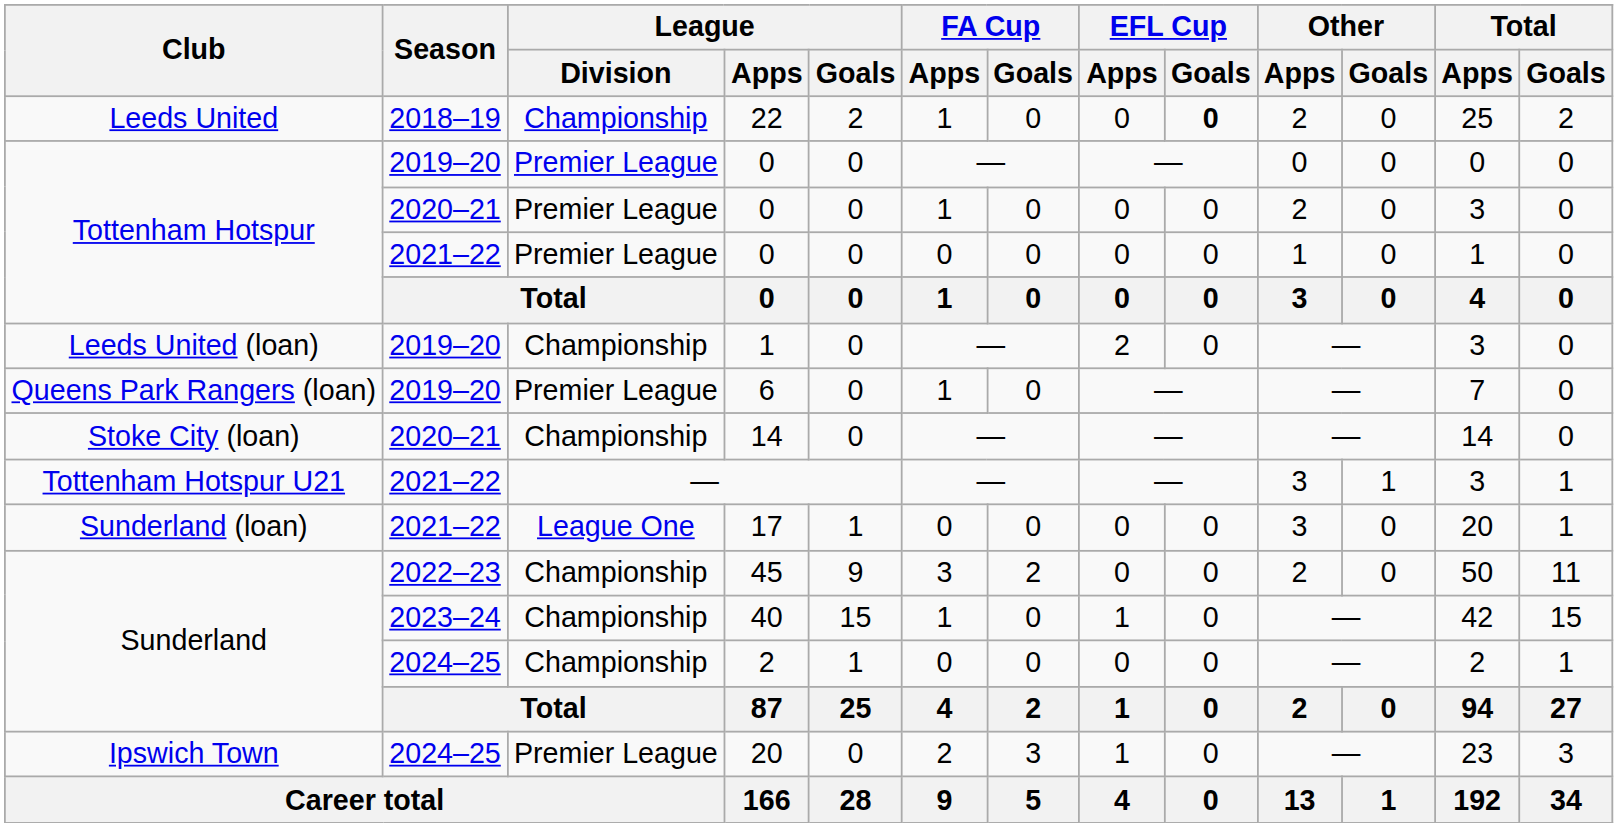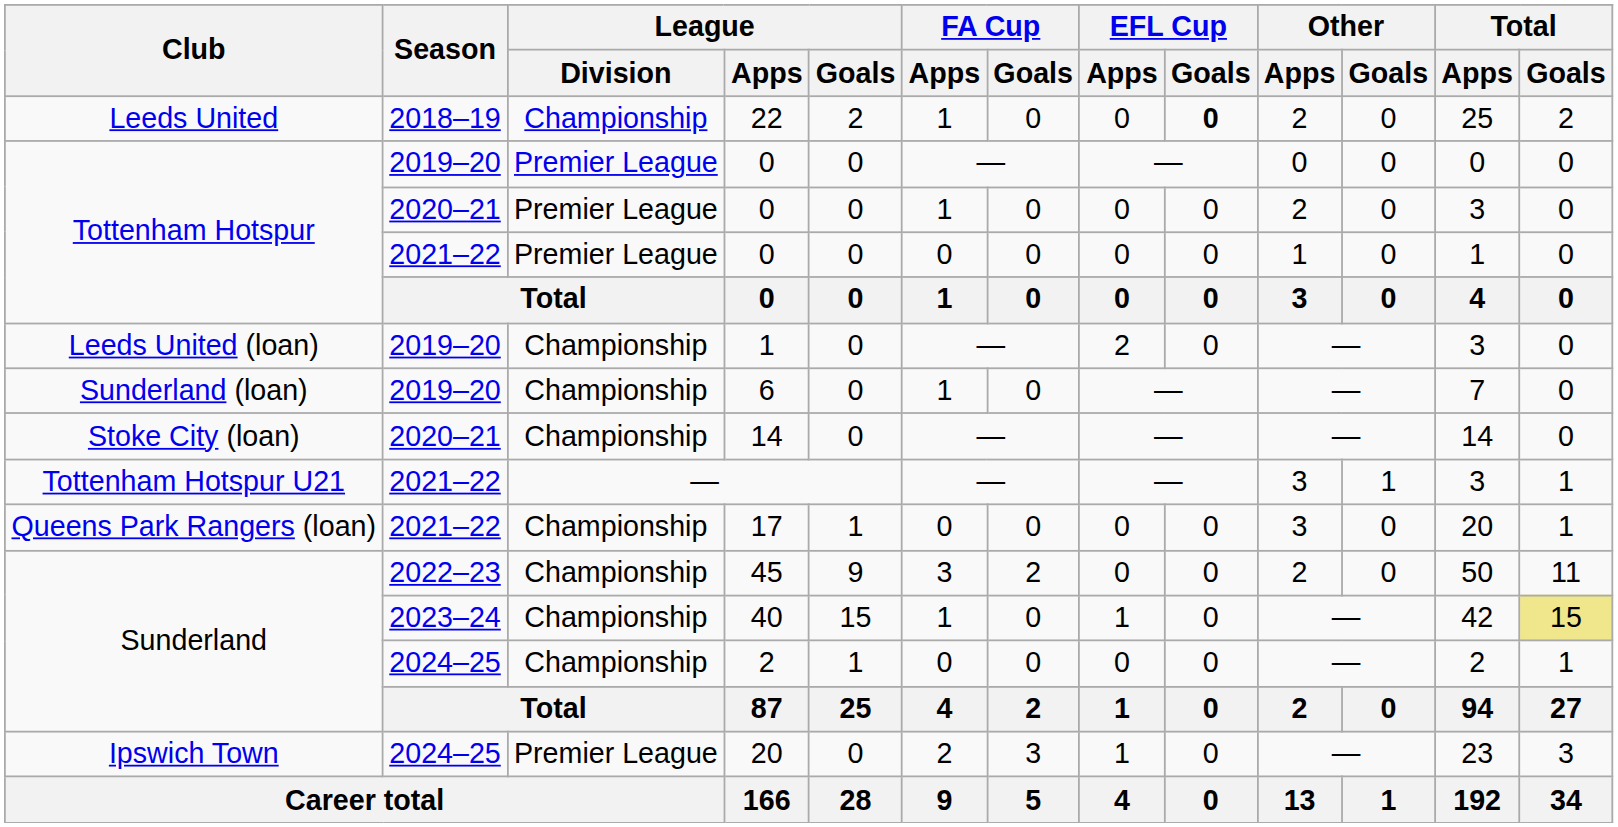 <table class="wikitable" style="text-align: center">
 <tr>
 <th rowspan="2">Club</th>
 <th rowspan="2">Season</th>
 <th colspan="3">League</th>
 <th colspan="2"><a href='#'>FA Cup</a></th>
 <th colspan="2"><a href='#'>EFL Cup</a></th>
 <th colspan="2">Other</th>
 <th colspan="2">Total</th>
 </tr>
 <tr>
 <th>Division</th>
 <th>Apps</th>
 <th>Goals</th>
 <th>Apps</th>
 <th>Goals</th>
 <th>Apps</th>
 <th>Goals</th>
 <th>Apps</th>
 <th>Goals</th>
 <th>Apps</th>
 <th>Goals</th>
 </tr>
 <tr>
 <td><a href='#'>Leeds United</a></td>
 <td><a href='#'>2018–19</a></td>
 <td><a href='#'>Championship</a></td>
 <td>22</td>
 <td>2</td>
 <td>1</td>
 <td>0</td>
 <td>0</td>
 <td><strong>0</strong></td>
 <td>2</td>
 <td>0</td>
 <td>25</td>
 <td>2</td>
 </tr>
 <tr>
 <td rowspan="4"><a href='#'>Tottenham Hotspur</a></td>
 <td><a href='#'>2019–20</a></td>
 <td><a href='#'>Premier League</a></td>
 <td>0</td>
 <td>0</td>
 <td colspan="2">—</td>
 <td colspan="2">—</td>
 <td>0</td>
 <td>0</td>
 <td>0</td>
 <td>0</td>
 </tr>
 <tr>
 <td><a href='#'>2020–21</a></td>
 <td>Premier League</td>
 <td>0</td>
 <td>0</td>
 <td>1</td>
 <td>0</td>
 <td>0</td>
 <td>0</td>
 <td>2</td>
 <td>0</td>
 <td>3</td>
 <td>0</td>
 </tr>
 <tr>
 <td><a href='#'>2021–22</a></td>
 <td>Premier League</td>
 <td>0</td>
 <td>0</td>
 <td>0</td>
 <td>0</td>
 <td>0</td>
 <td>0</td>
 <td>1</td>
 <td>0</td>
 <td>1</td>
 <td>0</td>
 </tr>
 <tr>
 <th colspan="2">Total</th>
 <th>0</th>
 <th>0</th>
 <th>1</th>
 <th>0</th>
 <th>0</th>
 <th>0</th>
 <th>3</th>
 <th>0</th>
 <th>4</th>
 <th>0</th>
 </tr>
 <tr>
 <td><a href='#'>Leeds United</a> (loan)</td>
 <td><a href='#'>2019–20</a></td>
 <td>Championship</td>
 <td>1</td>
 <td>0</td>
 <td colspan="2">—</td>
 <td>2</td>
 <td>0</td>
 <td colspan="2">—</td>
 <td>3</td>
 <td>0</td>
 </tr>
 <tr>
-<td><a href='#'>Queens Park Rangers</a> (loan)</td>
+<td><a href='#'>Sunderland</a> (loan)</td>
 <td><a href='#'>2019–20</a></td>
-<td>Premier League</td>
+<td>Championship</td>
 <td>6</td>
 <td>0</td>
 <td>1</td>
 <td>0</td>
 <td colspan="2">—</td>
 <td colspan="2">—</td>
 <td>7</td>
 <td>0</td>
 </tr>
 <tr>
 <td><a href='#'>Stoke City</a> (loan)</td>
 <td><a href='#'>2020–21</a></td>
 <td>Championship</td>
 <td>14</td>
 <td>0</td>
 <td colspan="2">—</td>
 <td colspan="2">—</td>
 <td colspan="2">—</td>
 <td>14</td>
 <td>0</td>
 </tr>
 <tr>
 <td><a href='#'>Tottenham Hotspur U21</a></td>
 <td><a href='#'>2021–22</a></td>
 <td colspan="3">—</td>
 <td colspan="2">—</td>
 <td colspan="2">—</td>
 <td>3</td>
 <td>1</td>
 <td>3</td>
 <td>1</td>
 </tr>
 <tr>
-<td><a href='#'>Sunderland</a> (loan)</td>
+<td><a href='#'>Queens Park Rangers</a> (loan)</td>
 <td><a href='#'>2021–22</a></td>
-<td><a href='#'>League One</a></td>
+<td>Championship</td>
 <td>17</td>
 <td>1</td>
 <td>0</td>
 <td>0</td>
 <td>0</td>
 <td>0</td>
 <td>3</td>
 <td>0</td>
 <td>20</td>
 <td>1</td>
 </tr>
 <tr>
 <td rowspan="4">Sunderland</td>
 <td><a href='#'>2022–23</a></td>
 <td>Championship</td>
 <td>45</td>
 <td>9</td>
 <td>3</td>
 <td>2</td>
 <td>0</td>
 <td>0</td>
 <td>2</td>
 <td>0</td>
 <td>50</td>
 <td>11</td>
 </tr>
 <tr>
 <td><a href='#'>2023–24</a></td>
 <td>Championship</td>
 <td>40</td>
 <td>15</td>
 <td>1</td>
 <td>0</td>
 <td>1</td>
 <td>0</td>
 <td colspan="2">—</td>
 <td>42</td>
-<td>15</td>
+<td style="background: khaki;">15</td>
 </tr>
 <tr>
 <td><a href='#'>2024–25</a></td>
 <td>Championship</td>
 <td>2</td>
 <td>1</td>
 <td>0</td>
 <td>0</td>
 <td>0</td>
 <td>0</td>
 <td colspan="2">—</td>
 <td>2</td>
 <td>1</td>
 </tr>
 <tr>
 <th colspan="2">Total</th>
 <th>87</th>
 <th>25</th>
 <th>4</th>
 <th>2</th>
 <th>1</th>
 <th>0</th>
 <th>2</th>
 <th>0</th>
 <th>94</th>
 <th>27</th>
 </tr>
 <tr>
 <td><a href='#'>Ipswich Town</a></td>
 <td><a href='#'>2024–25</a></td>
 <td>Premier League</td>
 <td>20</td>
 <td>0</td>
 <td>2</td>
 <td>3</td>
 <td>1</td>
 <td>0</td>
 <td colspan="2">—</td>
 <td>23</td>
 <td>3</td>
 </tr>
 <tr>
 <th colspan="3">Career total</th>
 <th>166</th>
 <th>28</th>
 <th>9</th>
 <th>5</th>
 <th>4</th>
 <th>0</th>
 <th>13</th>
 <th>1</th>
 <th>192</th>
 <th>34</th>
 </tr>
 </table>
